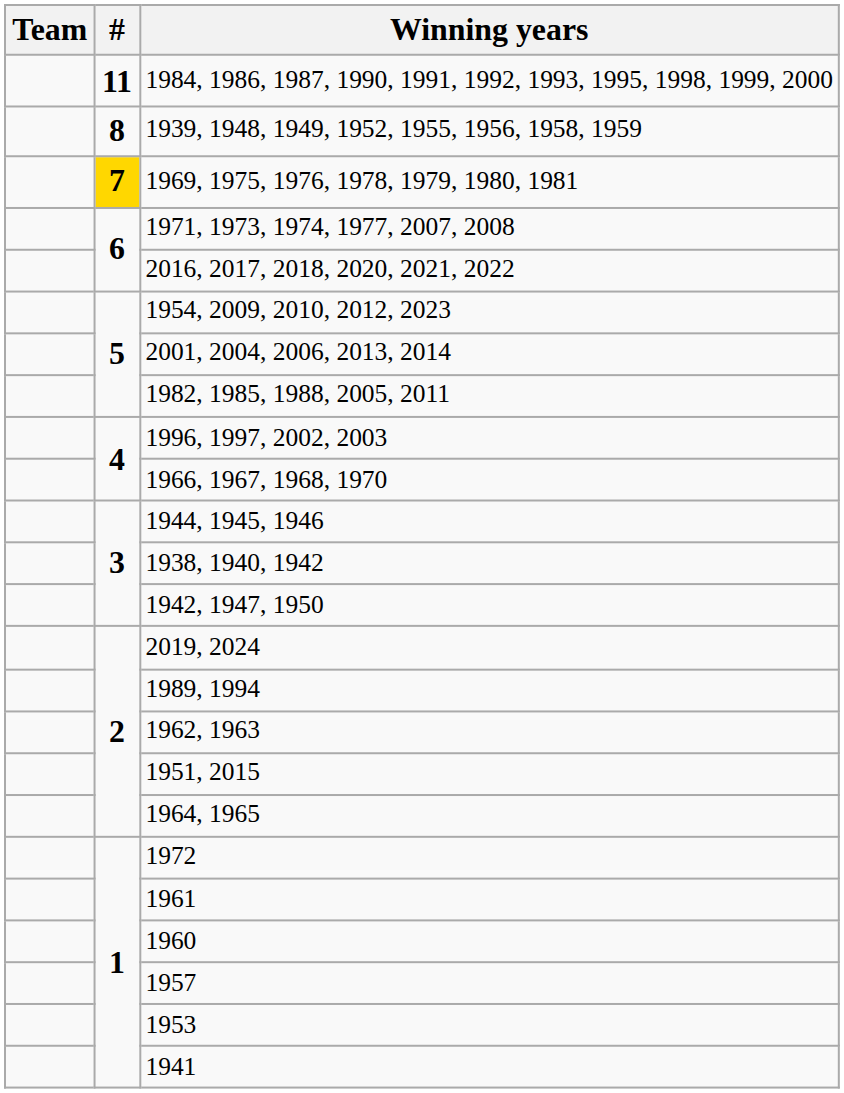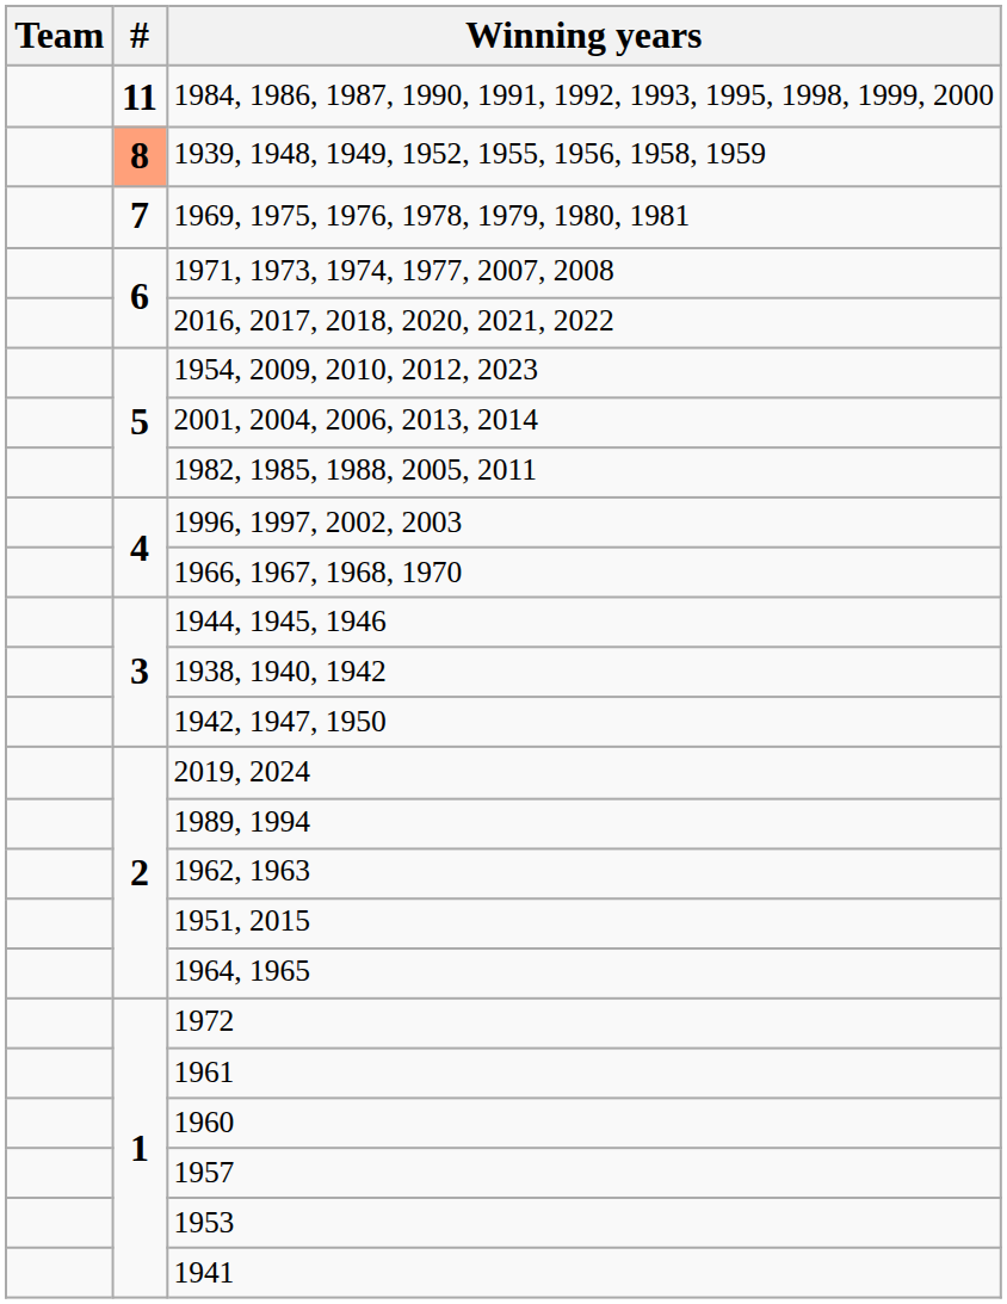 <table class="wikitable sortable" style="text-align:center">
 <tr>
 <th>Team</th>
 <th>#</th>
 <th>Winning years</th>
 </tr>
 <tr>
 <td style=><strong><a href='#'></a></strong></td>
 <td><strong>11</strong></td>
 <td style="font-size:80%;" align=left>1984, 1986, 1987, 1990, 1991, 1992, 1993, 1995, 1998, 1999, 2000</td>
 </tr>
 <tr>
 <td style=><strong><a href='#'></a></strong></td>
-<td><strong>8</strong></td>
+<td style="background: lightsalmon;"><strong>8</strong></td>
 <td style="font-size:80%;" align=left>1939, 1948, 1949, 1952, 1955, 1956, 1958, 1959</td>
 </tr>
 <tr>
 <td style=><strong></strong></td>
-<td style="background: gold;"><strong>7</strong></td>
+<td><strong>7</strong></td>
 <td style="font-size:80%;" align=left>1969, 1975, 1976, 1978, 1979, 1980, 1981</td>
 </tr>
 <tr>
 <td style=><strong></strong></td>
 <td rowspan=2><strong>6 </strong></td>
 <td style="font-size:80%;" align=left>1971, 1973, 1974, 1977, 2007, 2008</td>
 </tr>
 <tr>
 <td style=><strong></strong></td>
 <td style="font-size:80%;" align=left>2016, 2017, 2018, 2020, 2021, 2022</td>
 </tr>
 <tr>
 <td style=><strong><a href='#'></a></strong></td>
 <td rowspan=3><strong>5</strong></td>
 <td style="font-size:80%;" align=left>1954, 2009, 2010, 2012, 2023</td>
 </tr>
 <tr>
 <td style=><strong></strong></td>
 <td style="font-size:80%;" align=left>2001, 2004, 2006, 2013, 2014</td>
 </tr>
 <tr>
 <td style=><strong><a href='#'></a></strong></td>
 <td style="font-size:80%;" align=left>1982, 1985, 1988, 2005, 2011</td>
 </tr>
 <tr>
 <td style=><strong><a href='#'></a></strong></td>
 <td rowspan=2><strong>4</strong></td>
 <td style="font-size:80%;" align=left>1996, 1997, 2002, 2003</td>
 </tr>
 <tr>
 <td style=><strong></strong></td>
 <td style="font-size:80%;" align=left>1966, 1967, 1968, 1970</td>
 </tr>
 <tr>
 <td style=><strong></strong></td>
 <td rowspan=3><strong>3</strong></td>
 <td style="font-size:80%;" align=left>1944, 1945, 1946</td>
 </tr>
 <tr>
 <td style=><strong></strong></td>
 <td style="font-size:80%;" align=left>1938, 1940, 1942</td>
 </tr>
 <tr>
 <td style=><strong><a href='#'></a></strong></td>
 <td style="font-size:80%;" align=left>1942, 1947, 1950</td>
 </tr>
 <tr>
 <td style=><strong><a href='#'></a></strong></td>
 <td rowspan=5><strong>2</strong></td>
 <td style="font-size:80%;" align=left>2019, 2024</td>
 </tr>
 <tr>
 <td style=><strong></strong></td>
 <td style="font-size:80%;" align=left>1989, 1994</td>
 </tr>
 <tr>
 <td style=><strong></strong></td>
 <td style="font-size:80%;" align=left>1962, 1963</td>
 </tr>
 <tr>
 <td style=><strong></strong></td>
 <td style="font-size:80%;" align=left>1951, 2015</td>
 </tr>
 <tr>
 <td style=><strong></strong></td>
 <td style="font-size:80%;" align=left>1964, 1965</td>
 </tr>
 <tr>
 <td style=><strong><a href='#'></a></strong></td>
 <td rowspan=6><strong>1</strong></td>
 <td style="font-size:80%;" align=left>1972</td>
 </tr>
 <tr>
 <td style=><strong><a href='#'></a></strong></td>
 <td style="font-size:80%;" align=left>1961</td>
 </tr>
 <tr>
 <td style=><strong><a href='#'></a></strong></td>
 <td style="font-size:80%;" align=left>1960</td>
 </tr>
 <tr>
 <td style=><strong></strong></td>
 <td style="font-size:80%;" align=left>1957</td>
 </tr>
 <tr>
 <td style=><strong><a href='#'></a></strong></td>
 <td style="font-size:80%;" align=left>1953</td>
 </tr>
 <tr>
 <td style=><strong></strong></td>
 <td style="font-size:80%;" align=left>1941</td>
 </tr>
 </table>
